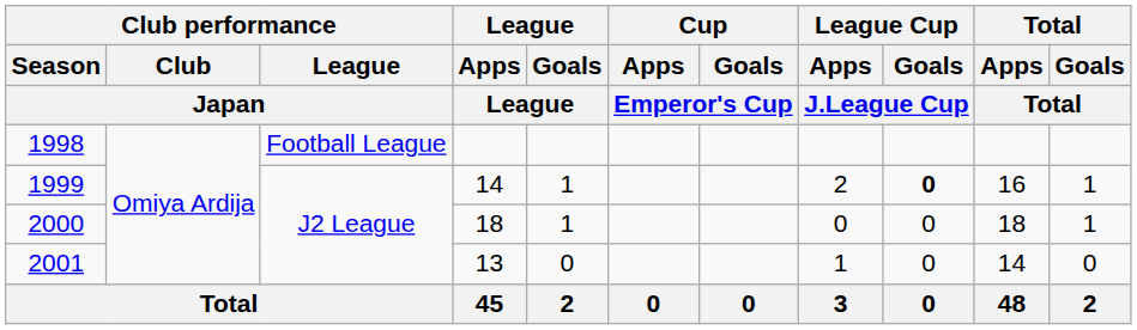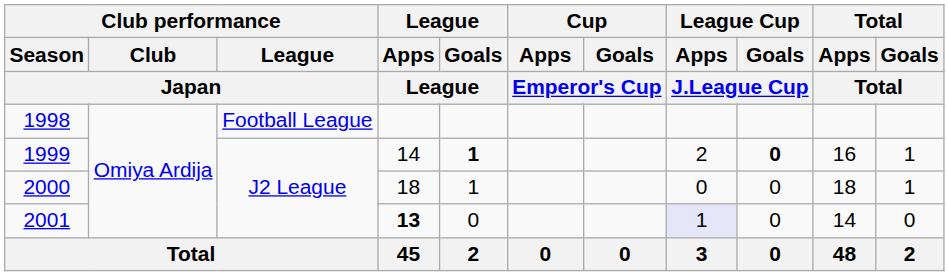 <table class="wikitable" style="text-align:center;">
 <tr>
 <th colspan=3>Club performance</th>
 <th colspan=2>League</th>
 <th colspan=2>Cup</th>
 <th colspan=2>League Cup</th>
 <th colspan=2>Total</th>
 </tr>
 <tr>
 <th>Season</th>
 <th>Club</th>
 <th>League</th>
 <th>Apps</th>
 <th>Goals</th>
 <th>Apps</th>
 <th>Goals</th>
 <th>Apps</th>
 <th>Goals</th>
 <th>Apps</th>
 <th>Goals</th>
 </tr>
 <tr>
 <th colspan=3>Japan</th>
 <th colspan=2>League</th>
 <th colspan=2><a href='#'>Emperor's Cup</a></th>
 <th colspan=2><a href='#'>J.League Cup</a></th>
 <th colspan=2>Total</th>
 </tr>
 <tr>
 <td><a href='#'>1998</a></td>
 <td rowspan="4"><a href='#'>Omiya Ardija</a></td>
 <td><a href='#'>Football League</a></td>
 <td></td>
 <td></td>
 <td></td>
 <td></td>
 <td></td>
 <td></td>
 <td></td>
 <td></td>
 </tr>
 <tr>
 <td><a href='#'>1999</a></td>
 <td rowspan="3"><a href='#'>J2 League</a></td>
 <td>14</td>
-<td>1</td>
+<td><strong>1</strong></td>
 <td></td>
 <td></td>
 <td>2</td>
 <td><strong>0</strong></td>
 <td>16</td>
 <td>1</td>
 </tr>
 <tr>
 <td><a href='#'>2000</a></td>
 <td>18</td>
 <td>1</td>
 <td></td>
 <td></td>
 <td>0</td>
 <td>0</td>
 <td>18</td>
 <td>1</td>
 </tr>
 <tr>
 <td><a href='#'>2001</a></td>
-<td>13</td>
+<td><strong>13</strong></td>
 <td>0</td>
 <td></td>
 <td></td>
-<td>1</td>
+<td style="background: lavender;">1</td>
 <td>0</td>
 <td>14</td>
 <td>0</td>
 </tr>
 <tr>
 <th colspan=3>Total</th>
 <th>45</th>
 <th>2</th>
 <th>0</th>
 <th>0</th>
 <th>3</th>
 <th>0</th>
 <th>48</th>
 <th>2</th>
 </tr>
 </table>
